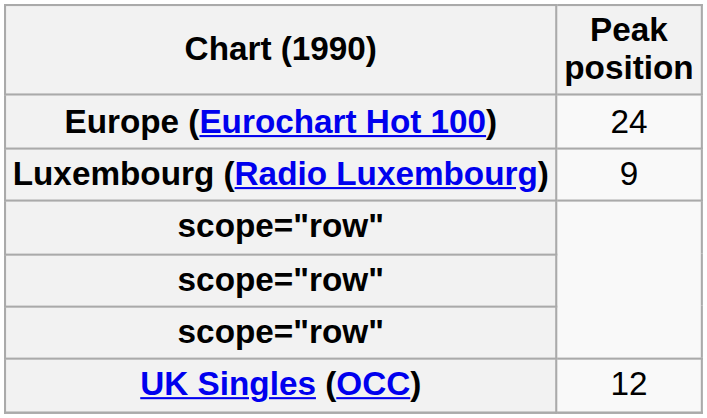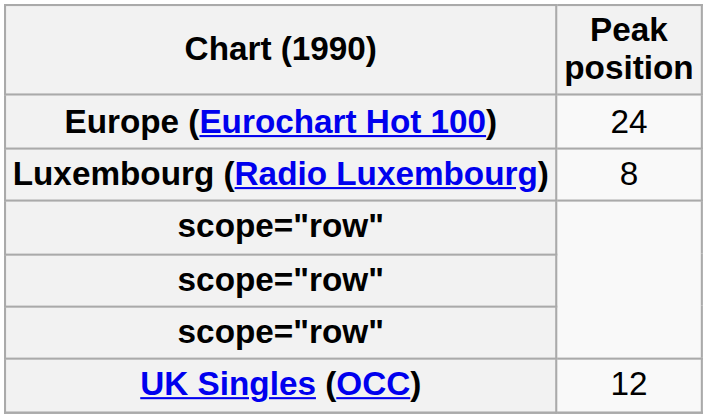 <table class="wikitable sortable plainrowheaders" style="text-align:center">
 <tr>
 <th scope="col">Chart (1990)</th>
 <th scope="col">Peak<br>position</th>
 </tr>
 <tr>
 <th scope="row">Europe (<a href='#'>Eurochart Hot 100</a>)</th>
 <td>24</td>
 </tr>
 <tr>
 <th scope="row">Luxembourg (<a href='#'>Radio Luxembourg</a>)</th>
-<td>9</td>
+<td>8</td>
 </tr>
 <tr>
 <th>scope="row"</th>
 </tr>
 <tr>
 <th>scope="row"</th>
 </tr>
 <tr>
 <th>scope="row"</th>
 </tr>
 <tr>
 <th scope="row"><a href='#'>UK Singles</a> (<a href='#'>OCC</a>)</th>
 <td>12</td>
 </tr>
 <tr>
 </tr>
 </table>
